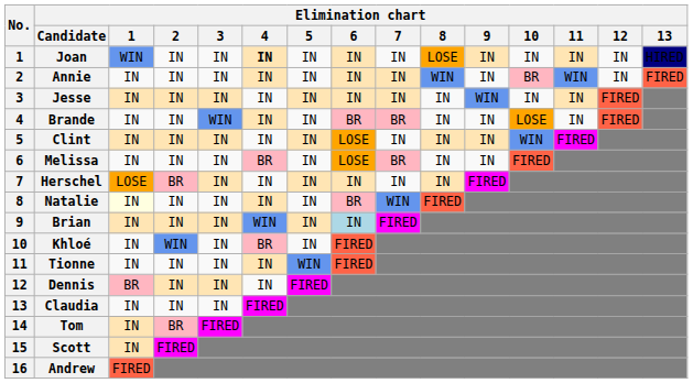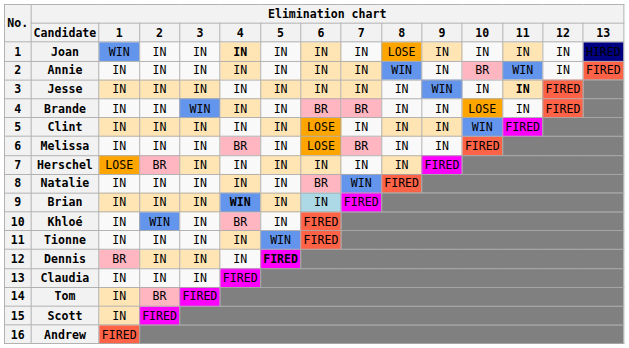 <table class="wikitable" style="text-align:center;">
 <tr>
 <th rowspan="2">No.</th>
 <th colspan="14">Elimination chart</th>
 </tr>
 <tr>
 <th>Candidate</th>
 <th>1</th>
 <th>2</th>
 <th>3</th>
 <th>4</th>
 <th>5</th>
 <th>6</th>
 <th>7</th>
 <th>8</th>
 <th>9</th>
 <th>10</th>
 <th>11</th>
 <th>12</th>
 <th>13</th>
 </tr>
 <tr>
 <th>1</th>
 <th>Joan</th>
 <td style="background:cornflowerblue;">WIN</td>
 <td>IN</td>
 <td>IN</td>
 <td style="background:#FFE5B4;"><strong>IN</strong></td>
 <td>IN</td>
 <td style="background:#FFE5B4;">IN</td>
 <td>IN</td>
 <td style="background:orange;">LOSE</td>
 <td style="background:#FFE5B4;">IN</td>
 <td>IN</td>
 <td style="background:#FFE5B4;">IN</td>
 <td>IN</td>
 <td style="background:navy;"><span>HIRED</span></td>
 </tr>
 <tr>
 <th>2</th>
 <th>Annie</th>
 <td>IN</td>
 <td>IN</td>
 <td>IN</td>
 <td style="background:#FFE5B4;">IN</td>
 <td>IN</td>
 <td style="background:#FFE5B4;">IN</td>
 <td style="background:#FFE5B4;">IN</td>
 <td style="background:cornflowerblue;">WIN</td>
 <td>IN</td>
 <td style="background:lightpink;">BR</td>
 <td style="background:cornflowerblue;">WIN</td>
 <td>IN</td>
 <td style="background:tomato;">FIRED</td>
 </tr>
 <tr>
 <th>3</th>
 <th>Jesse</th>
 <td style="background:#FFE5B4;">IN</td>
 <td style="background:#FFE5B4;">IN</td>
 <td style="background:#FFE5B4;">IN</td>
 <td>IN</td>
 <td style="background:#FFE5B4;">IN</td>
 <td style="background:#FFE5B4;">IN</td>
 <td style="background:#FFE5B4;">IN</td>
 <td>IN</td>
 <td style="background:cornflowerblue;">WIN</td>
 <td>IN</td>
-<td style="background:#FFE5B4;">IN</td>
+<td style="background:#FFE5B4;"><strong>IN</strong></td>
 <td style="background:tomato;">FIRED</td>
 <td colspan="1" style="background:gray;"></td>
 </tr>
 <tr>
 <th>4</th>
 <th>Brande</th>
 <td>IN</td>
 <td>IN</td>
 <td style="background:cornflowerblue;">WIN</td>
 <td style="background:#FFE5B4;">IN</td>
 <td>IN</td>
 <td style="background:lightpink;">BR</td>
 <td style="background:lightpink;">BR</td>
 <td>IN</td>
 <td>IN</td>
 <td style="background:orange;">LOSE</td>
 <td>IN</td>
 <td style="background:tomato;">FIRED</td>
 <td colspan="1" style="background:gray;"></td>
 </tr>
 <tr>
 <th>5</th>
 <th>Clint</th>
 <td style="background:#FFE5B4;">IN</td>
 <td style="background:#FFE5B4;">IN</td>
 <td style="background:#FFE5B4;">IN</td>
 <td>IN</td>
 <td style="background:#FFE5B4;">IN</td>
 <td style="background:orange;">LOSE</td>
 <td>IN</td>
 <td style="background:#FFE5B4;">IN</td>
 <td style="background:#FFE5B4;">IN</td>
 <td style="background:cornflowerblue;">WIN</td>
 <td style="background:magenta;">FIRED</td>
 <td colspan="2" style="background:gray;"></td>
 </tr>
 <tr>
 <th>6</th>
 <th>Melissa</th>
 <td>IN</td>
 <td>IN</td>
 <td>IN</td>
 <td style="background:lightpink;">BR</td>
 <td>IN</td>
 <td style="background:orange;">LOSE</td>
 <td style="background:lightpink;">BR</td>
 <td>IN</td>
 <td>IN</td>
 <td style="background:tomato;">FIRED</td>
 <td colspan="3" style="background:gray;"></td>
 </tr>
 <tr>
 <th>7</th>
 <th>Herschel</th>
 <td style="background:orange;">LOSE</td>
 <td style="background:lightpink;">BR</td>
 <td style="background:#FFE5B4;">IN</td>
 <td>IN</td>
 <td style="background:#FFE5B4;">IN</td>
 <td style="background:#FFE5B4;">IN</td>
 <td>IN</td>
 <td style="background:#FFE5B4;">IN</td>
 <td style="background:magenta;">FIRED</td>
 <td colspan="4" style="background:gray;"></td>
 </tr>
 <tr>
 <th>8</th>
 <th>Natalie</th>
-<td style="background: lightyellow;">IN</td>
+<td>IN</td>
 <td>IN</td>
 <td>IN</td>
 <td style="background:#FFE5B4;">IN</td>
 <td>IN</td>
 <td style="background:lightpink;">BR</td>
 <td style="background:cornflowerblue;">WIN</td>
 <td style="background:tomato;">FIRED</td>
 <td colspan="5" style="background:gray;"></td>
 </tr>
 <tr>
 <th>9</th>
 <th>Brian</th>
 <td style="background:#FFE5B4;">IN</td>
 <td style="background:#FFE5B4;">IN</td>
 <td style="background:#FFE5B4;">IN</td>
-<td style="background:cornflowerblue;">WIN</td>
+<td style="background:cornflowerblue;"><strong>WIN</strong></td>
 <td style="background:#FFE5B4;">IN</td>
 <td style="background:lightblue;">IN</td>
 <td style="background:magenta;">FIRED</td>
 <td colspan="6" style="background:gray;"></td>
 </tr>
 <tr>
 <th>10</th>
 <th>Khloé</th>
 <td>IN</td>
 <td style="background:cornflowerblue;">WIN</td>
 <td>IN</td>
 <td style="background:lightpink;">BR</td>
 <td>IN</td>
 <td style="background:tomato;">FIRED</td>
 <td colspan="7" style="background:gray;"></td>
 </tr>
 <tr>
 <th>11</th>
 <th>Tionne</th>
 <td>IN</td>
 <td>IN</td>
 <td>IN</td>
 <td style="background:#FFE5B4;">IN</td>
 <td style="background:cornflowerblue;">WIN</td>
 <td style="background:tomato;">FIRED</td>
 <td colspan="8" style="background:gray;"></td>
 </tr>
 <tr>
 <th>12</th>
 <th>Dennis</th>
 <td style="background:lightpink;">BR</td>
 <td style="background:#FFE5B4;">IN</td>
 <td style="background:#FFE5B4;">IN</td>
 <td>IN</td>
-<td style="background:magenta;">FIRED</td>
+<td style="background:magenta;"><strong>FIRED</strong></td>
 <td colspan="9" style="background:gray;"></td>
 </tr>
 <tr>
 <th>13</th>
 <th>Claudia</th>
 <td>IN</td>
 <td>IN</td>
 <td>IN</td>
 <td style="background:magenta;">FIRED</td>
 <td colspan="10" style="background:gray;"></td>
 </tr>
 <tr>
 <th>14</th>
 <th>Tom</th>
 <td style="background:#FFE5B4;">IN</td>
 <td style="background:lightpink;">BR</td>
 <td style="background:magenta;">FIRED</td>
 <td colspan="11" style="background:gray;"></td>
 </tr>
 <tr>
 <th>15</th>
 <th>Scott</th>
 <td style="background:#FFE5B4;">IN</td>
 <td style="background:magenta;">FIRED</td>
 <td colspan="12" style="background:gray;"></td>
 </tr>
 <tr>
 <th>16</th>
 <th>Andrew</th>
 <td style="background:tomato;">FIRED</td>
 <td colspan="13" style="background:gray;"></td>
 </tr>
 </table>
